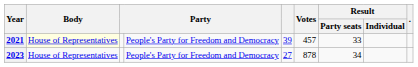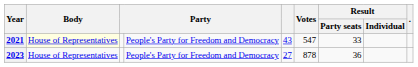 <table class="wikitable plainrowheaders sortable" border=2 cellpadding=4 cellspacing=0 style="border: 1px #aaa solid; font-size: 90%; text-align:center;">
 <tr>
 <th scope="col" rowspan=2>Year</th>
 <th scope="col" rowspan=2>Body</th>
 <th scope="col" colspan=2 rowspan=2>Party</th>
 <th scope="col" rowspan=2></th>
 <th scope="col" rowspan=2>Votes</th>
 <th scope="colgroup" colspan=2>Result</th>
 <th scope="col" rowspan=2 class="unsortable">.</th>
 </tr>
 <tr>
 <th scope="col">Party seats</th>
 <th scope="col">Individual</th>
 </tr>
 <tr>
 <th scope="row"><a href='#'>2021</a></th>
 <td style="background: lightyellow;"><a href='#'>House of Representatives</a></td>
 <td style="background-color:"></td>
 <td><a href='#'>People's Party for Freedom and Democracy</a></td>
-<td style=text-align:right><a href='#'>39</a></td>
-<td style=text-align:right>457</td>
+<td style=text-align:right><a href='#'>43</a></td>
+<td style=text-align:right>547</td>
 <td style=text-align:right>33</td>
 <td></td>
 <td></td>
 </tr>
 <tr>
 <th scope="row"><a href='#'>2023</a></th>
 <td><a href='#'>House of Representatives</a></td>
 <td style="background-color:"></td>
 <td><a href='#'>People's Party for Freedom and Democracy</a></td>
 <td style=text-align:right><a href='#'>27</a></td>
 <td style=text-align:right>878</td>
-<td style=text-align:right>34</td>
+<td style=text-align:right>36</td>
 <td></td>
 <td></td>
 </tr>
 </table>
